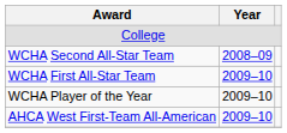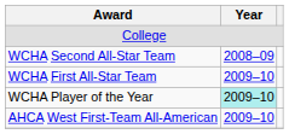 <table class="wikitable">
 <tr>
 <th>Award</th>
 <th>Year</th>
 <th></th>
 </tr>
 <tr ALIGN="center" bgcolor="#e0e0e0">
 <td colspan="3"><a href='#'>College</a></td>
 </tr>
 <tr>
 <td><a href='#'>WCHA</a> <a href='#'>Second All-Star Team</a></td>
 <td><a href='#'>2008–09</a></td>
 <td></td>
 </tr>
 <tr>
 <td><a href='#'>WCHA</a> <a href='#'>First All-Star Team</a></td>
 <td><a href='#'>2009–10</a></td>
 <td></td>
 </tr>
 <tr>
 <td>WCHA Player of the Year</td>
-<td>2009–10</td>
+<td style="background: paleturquoise;">2009–10</td>
 <td></td>
 </tr>
 <tr>
 <td><a href='#'>AHCA</a> <a href='#'>West First-Team All-American</a></td>
 <td><a href='#'>2009–10</a></td>
 <td></td>
 </tr>
 <tr>
 </tr>
 </table>
